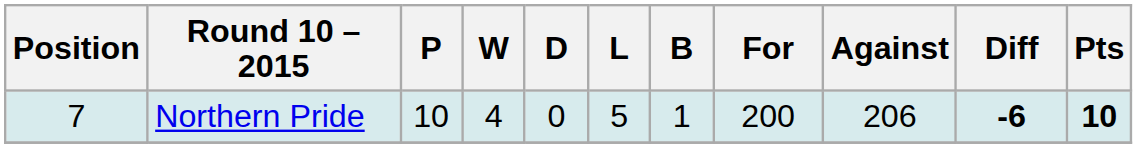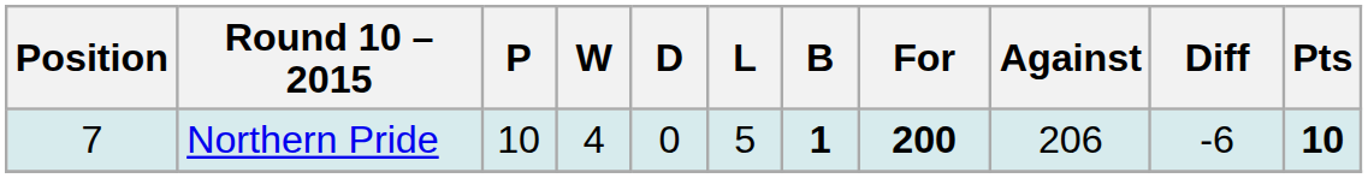 <table class="wikitable" style="text-align:center; font-size:85%;">
 <tr>
 <th width=40 abbr="Position">Position</th>
 <th width=100>Round 10 – 2015</th>
 <th width=20 abbr="Played">P</th>
 <th width=20 abbr="Won">W</th>
 <th width=20 abbr="Drawn">D</th>
 <th width=20 abbr="Lost">L</th>
 <th width=20 abbr="Bye">B</th>
 <th width=40 abbr="Points for">For</th>
 <th width=40 abbr="Points against">Against</th>
 <th width=40 abbr="Points difference">Diff</th>
 <th width=20 abbr="Points">Pts</th>
 </tr>
 <tr style="background: #d7ebed;">
 <td>7</td>
 <td style="text-align:left;"> <a href='#'>Northern Pride</a></td>
 <td>10</td>
 <td>4</td>
 <td>0</td>
 <td>5</td>
-<td>1</td>
-<td>200</td>
+<td><strong>1</strong></td>
+<td><strong>200</strong></td>
 <td>206</td>
-<td><strong>-6</strong></td>
+<td>-6</td>
 <td><strong>10</strong></td>
 </tr>
 <tr>
 </tr>
 </table>
